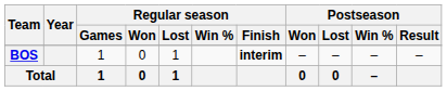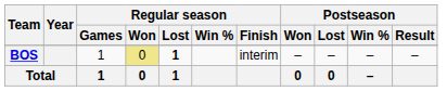 <table class="wikitable" style="font-size: 95%; text-align:center;">
 <tr>
 <th rowspan="2">Team</th>
 <th rowspan="2">Year</th>
 <th colspan="5">Regular season</th>
 <th colspan="4">Postseason</th>
 </tr>
 <tr>
 <th>Games</th>
 <th>Won</th>
 <th>Lost</th>
 <th>Win %</th>
 <th>Finish</th>
 <th>Won</th>
 <th>Lost</th>
 <th>Win %</th>
 <th>Result</th>
 </tr>
 <tr>
 </tr>
 <tr>
 <th><a href='#'>BOS</a></th>
 <th></th>
 <td>1</td>
-<td>0</td>
-<td>1</td>
+<td style="background: khaki;">0</td>
+<td><strong>1</strong></td>
 <td></td>
-<td><strong>interim</strong></td>
+<td>interim</td>
 <td>–</td>
 <td>–</td>
 <td>–</td>
 <td>–</td>
 </tr>
 <tr>
 <th colspan="2">Total</th>
 <th>1</th>
 <th>0</th>
 <th>1</th>
 <th></th>
 <th></th>
 <th>0</th>
 <th>0</th>
 <th>–</th>
 <th></th>
 </tr>
 </table>
